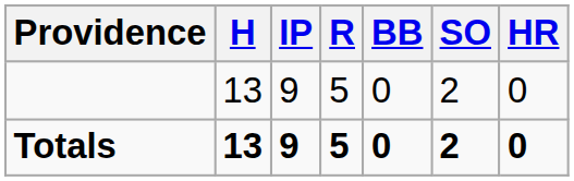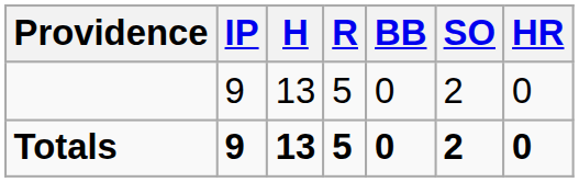 <table class="wikitable sortable">
 <tr>
 <th>Providence</th>
+<th><a href='#'>IP</a></th>
 <th><a href='#'>H</a></th>
-<th><a href='#'>IP</a></th>
 <th><a href='#'>R</a></th>
 <th><a href='#'>BB</a></th>
 <th><a href='#'>SO</a></th>
 <th><a href='#'>HR</a></th>
 </tr>
 <tr>
 <td></td>
+<td>9</td>
 <td>13</td>
-<td>9</td>
 <td>5</td>
 <td>0</td>
 <td>2</td>
 <td>0</td>
 </tr>
 <tr class="sortbottom">
 <td><strong>Totals</strong></td>
+<td><strong>9</strong></td>
 <td><strong>13</strong></td>
-<td><strong>9</strong></td>
 <td><strong>5</strong></td>
 <td><strong>0</strong></td>
 <td><strong>2</strong></td>
 <td><strong>0</strong></td>
 </tr>
 </table>
